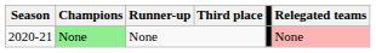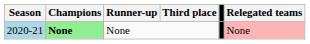 <table class="wikitable" style="text-align:left;">
 <tr>
 <th>Season</th>
 <th>Champions</th>
 <th>Runner-up</th>
 <th>Third place</th>
 <th style="background:Black"></th>
 <th colspan=3>Relegated teams</th>
 </tr>
 <tr>
-<td align="center">2020-21</td>
-<td style="background:#90EE90">None</td>
+<td align="center" style="background: lightblue;">2020-21</td>
+<td style="background:#90EE90"><strong>None</strong></td>
 <td colspan=2>None</td>
 <td style="background:Black"></td>
 <td colspan=3 style="background:#ffb3b3">None</td>
 </tr>
 </table>
